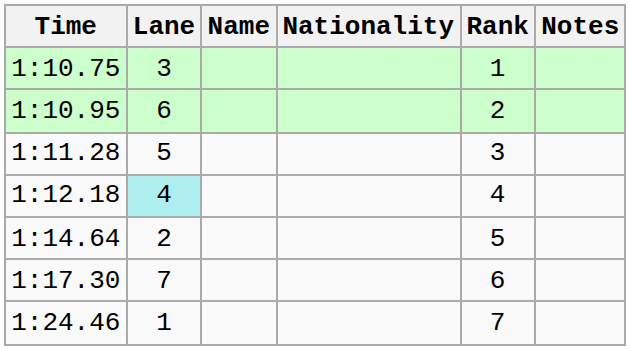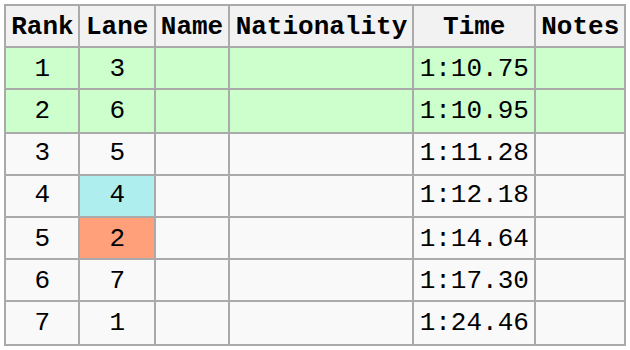 <table class="wikitable sortable" style="text-align:center">
 <tr>
-<th>Time</th>
+<th>Rank</th>
 <th>Lane</th>
 <th>Name</th>
 <th>Nationality</th>
-<th>Rank</th>
+<th>Time</th>
 <th>Notes</th>
 </tr>
 <tr bgcolor=ccffcc>
-<td>1:10.75</td>
+<td>1</td>
 <td>3</td>
 <td align=left></td>
 <td align=left></td>
-<td>1</td>
+<td>1:10.75</td>
 <td><strong></strong></td>
 </tr>
 <tr bgcolor=ccffcc>
-<td>1:10.95</td>
+<td>2</td>
 <td>6</td>
 <td align=left></td>
 <td align=left></td>
-<td>2</td>
+<td>1:10.95</td>
 <td><strong></strong></td>
 </tr>
 <tr>
-<td>1:11.28</td>
+<td>3</td>
 <td>5</td>
 <td align=left></td>
 <td align=left></td>
-<td>3</td>
+<td>1:11.28</td>
 <td></td>
 </tr>
 <tr>
-<td>1:12.18</td>
+<td>4</td>
 <td style="background: paleturquoise;">4</td>
 <td align=left></td>
 <td align=left></td>
-<td>4</td>
+<td>1:12.18</td>
 <td></td>
 </tr>
 <tr>
-<td>1:14.64</td>
-<td>2</td>
+<td>5</td>
+<td style="background: lightsalmon;">2</td>
 <td align=left></td>
 <td align=left></td>
-<td>5</td>
+<td>1:14.64</td>
 <td></td>
 </tr>
 <tr>
-<td>1:17.30</td>
+<td>6</td>
 <td>7</td>
 <td align=left></td>
 <td align=left></td>
-<td>6</td>
+<td>1:17.30</td>
 <td></td>
 </tr>
 <tr>
-<td>1:24.46</td>
+<td>7</td>
 <td>1</td>
 <td align=left></td>
 <td align=left></td>
-<td>7</td>
+<td>1:24.46</td>
 <td></td>
 </tr>
 </table>
